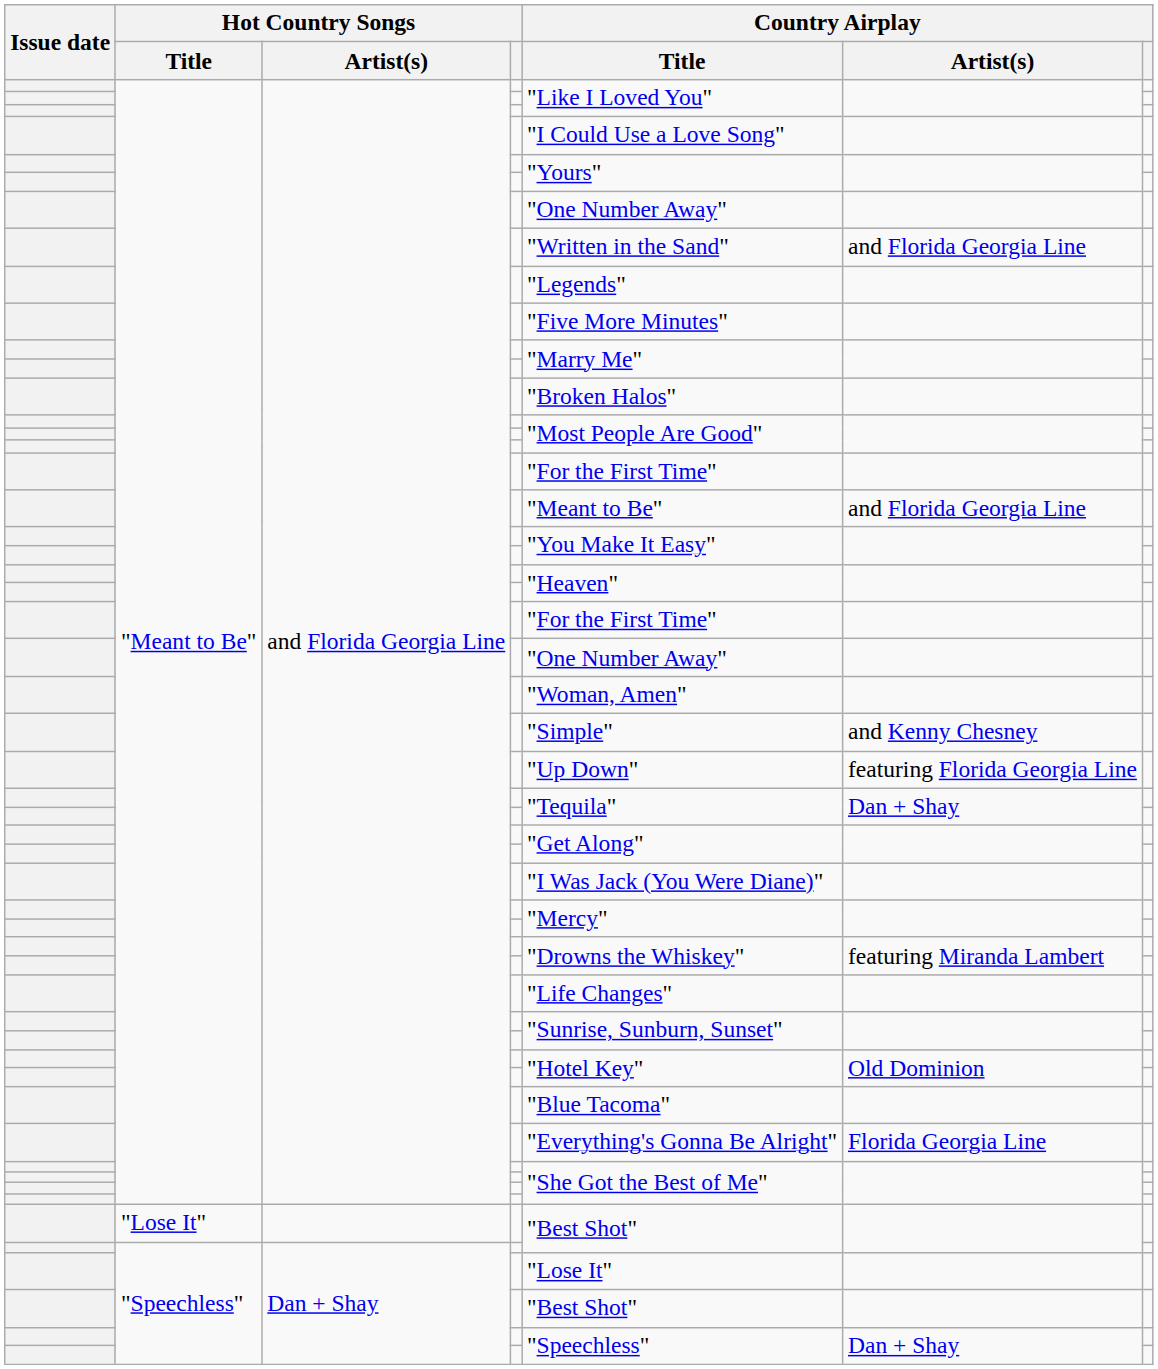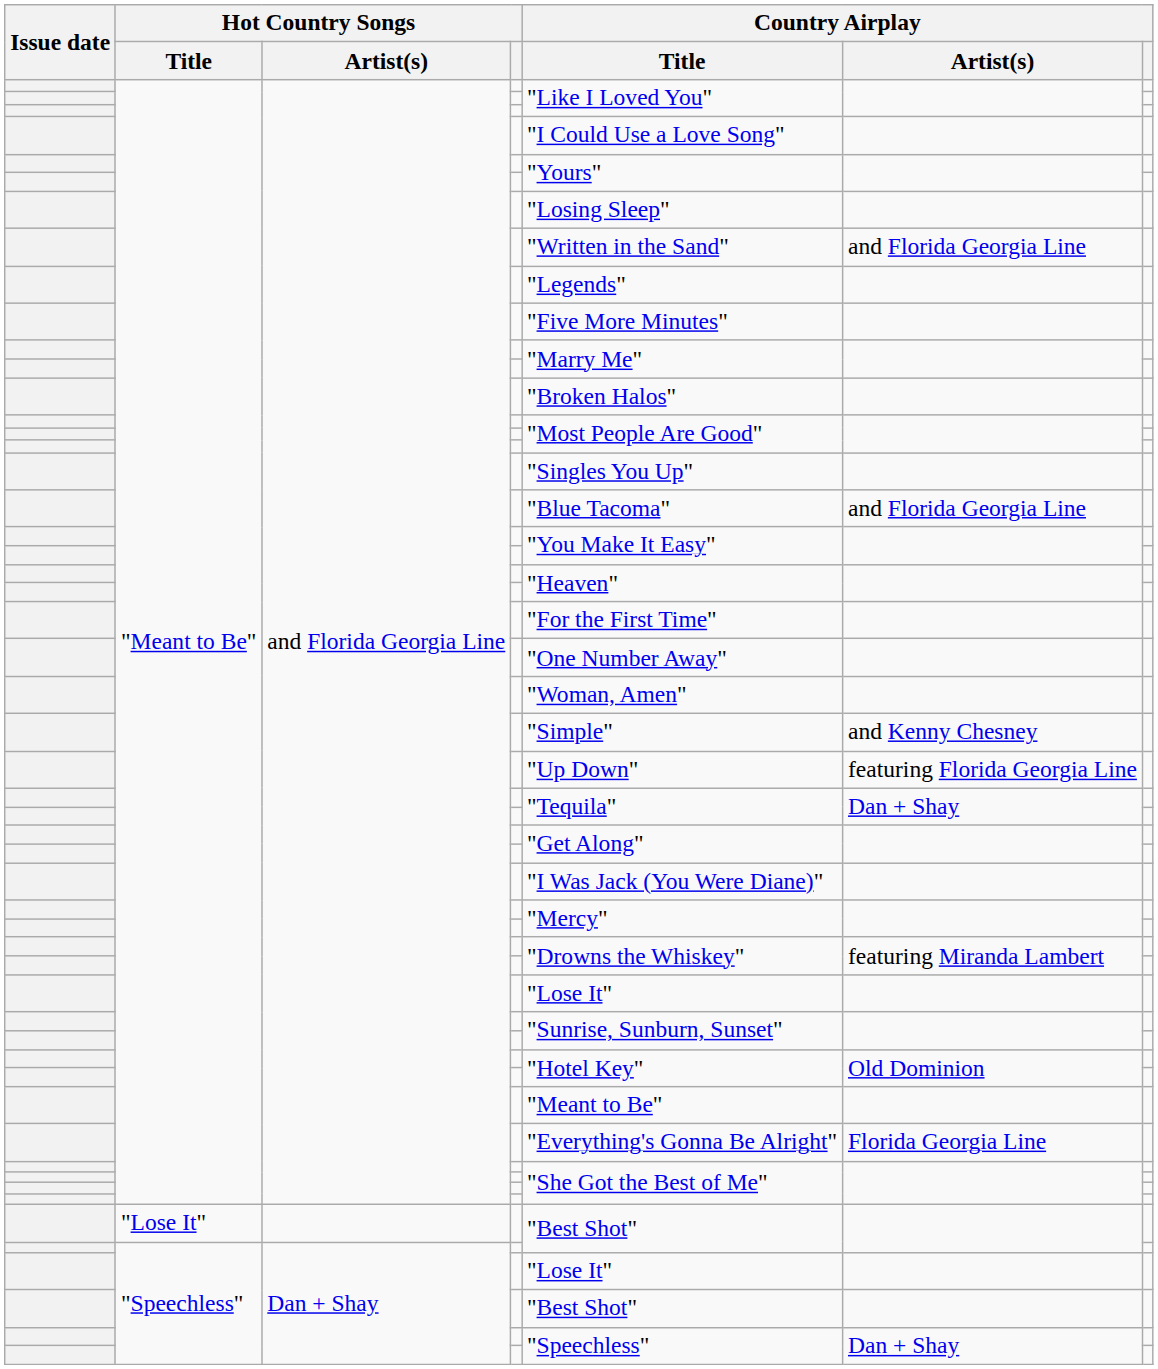 <table class="wikitable sortable plainrowheaders">
 <tr>
 <th scope=col rowspan=2>Issue date</th>
 <th scope=col colspan=3>Hot Country Songs</th>
 <th scope=col colspan=3>Country Airplay</th>
 </tr>
 <tr>
 <th scope=col>Title</th>
 <th scope=col>Artist(s)</th>
 <th scope=col class=unsortable></th>
 <th scope=col>Title</th>
 <th scope=col>Artist(s)</th>
 <th scope=col class=unsortable></th>
 </tr>
 <tr>
 <th scope="row"></th>
 <td rowspan="47">"<a href='#'>Meant to Be</a>"</td>
 <td rowspan="47"> and <a href='#'>Florida Georgia Line</a></td>
 <td align=center></td>
 <td rowspan="3">"<a href='#'>Like I Loved You</a>"</td>
 <td rowspan="3"></td>
 <td align=center></td>
 </tr>
 <tr>
 <th scope="row"></th>
 <td align=center></td>
 <td align=center></td>
 </tr>
 <tr>
 <th scope="row"></th>
 <td align=center></td>
 <td align=center></td>
 </tr>
 <tr>
 <th scope="row"></th>
 <td align=center></td>
 <td>"<a href='#'>I Could Use a Love Song</a>"</td>
 <td></td>
 <td align=center></td>
 </tr>
 <tr>
 <th scope="row"></th>
 <td align=center></td>
 <td rowspan="2">"<a href='#'>Yours</a>"</td>
 <td rowspan="2"></td>
 <td align=center></td>
 </tr>
 <tr>
 <th scope="row"></th>
 <td align=center></td>
 <td align=center></td>
 </tr>
 <tr>
 <th scope="row"></th>
 <td align=center></td>
-<td>"<a href='#'>One Number Away</a>"</td>
+<td>"<a href='#'>Losing Sleep</a>"</td>
 <td></td>
 <td align=center></td>
 </tr>
 <tr>
 <th scope="row"></th>
 <td align=center></td>
 <td>"<a href='#'>Written in the Sand</a>"</td>
 <td> and <a href='#'>Florida Georgia Line</a></td>
 <td align=center></td>
 </tr>
 <tr>
 <th scope="row"></th>
 <td align=center></td>
 <td>"<a href='#'>Legends</a>"</td>
 <td></td>
 <td align=center></td>
 </tr>
 <tr>
 <th scope="row"></th>
 <td align=center></td>
 <td>"<a href='#'>Five More Minutes</a>"</td>
 <td></td>
 <td align=center></td>
 </tr>
 <tr>
 <th scope="row"></th>
 <td align=center></td>
 <td rowspan="2">"<a href='#'>Marry Me</a>"</td>
 <td rowspan="2"></td>
 <td align=center></td>
 </tr>
 <tr>
 <th scope="row"></th>
 <td align=center></td>
 <td align=center></td>
 </tr>
 <tr>
 <th scope="row"></th>
 <td align=center></td>
 <td>"<a href='#'>Broken Halos</a>"</td>
 <td></td>
 <td align=center></td>
 </tr>
 <tr>
 <th scope="row"></th>
 <td align=center></td>
 <td rowspan="3">"<a href='#'>Most People Are Good</a>"</td>
 <td rowspan="3"></td>
 <td align=center></td>
 </tr>
 <tr>
 <th scope="row"></th>
 <td align=center></td>
 <td align=center></td>
 </tr>
 <tr>
 <th scope="row"></th>
 <td align=center></td>
 <td align=center></td>
 </tr>
 <tr>
 <th scope="row"></th>
 <td align=center></td>
-<td>"<a href='#'>For the First Time</a>"</td>
+<td>"<a href='#'>Singles You Up</a>"</td>
 <td></td>
 <td align=center></td>
 </tr>
 <tr>
 <th scope="row"></th>
 <td align=center></td>
-<td>"<a href='#'>Meant to Be</a>"</td>
+<td>"<a href='#'>Blue Tacoma</a>"</td>
 <td> and <a href='#'>Florida Georgia Line</a></td>
 <td align=center></td>
 </tr>
 <tr>
 <th scope="row"></th>
 <td align=center></td>
 <td rowspan="2">"<a href='#'>You Make It Easy</a>"</td>
 <td rowspan="2"></td>
 <td align=center></td>
 </tr>
 <tr>
 <th scope="row"></th>
 <td align=center></td>
 <td align=center></td>
 </tr>
 <tr>
 <th scope="row"></th>
 <td align=center></td>
 <td rowspan="2">"<a href='#'>Heaven</a>"</td>
 <td rowspan="2"></td>
 <td align=center></td>
 </tr>
 <tr>
 <th scope="row"></th>
 <td align=center></td>
 <td align=center></td>
 </tr>
 <tr>
 <th scope="row"></th>
 <td align=center></td>
 <td>"<a href='#'>For the First Time</a>"</td>
 <td></td>
 <td align=center></td>
 </tr>
 <tr>
 <th scope="row"></th>
 <td align=center></td>
 <td>"<a href='#'>One Number Away</a>"</td>
 <td></td>
 <td align=center></td>
 </tr>
 <tr>
 <th scope="row"></th>
 <td align=center></td>
 <td>"<a href='#'>Woman, Amen</a>"</td>
 <td></td>
 <td align=center></td>
 </tr>
 <tr>
 <th scope="row"></th>
 <td align=center></td>
 <td>"<a href='#'>Simple</a>"</td>
 <td> and <a href='#'>Kenny Chesney</a></td>
 <td align=center></td>
 </tr>
 <tr>
 <th scope="row"></th>
 <td align=center></td>
 <td>"<a href='#'>Up Down</a>"</td>
 <td> featuring <a href='#'>Florida Georgia Line</a></td>
 <td align=center></td>
 </tr>
 <tr>
 <th scope="row"></th>
 <td align=center></td>
 <td rowspan="2">"<a href='#'>Tequila</a>"</td>
 <td rowspan="2"><a href='#'>Dan + Shay</a></td>
 <td align=center></td>
 </tr>
 <tr>
 <th scope="row"></th>
 <td align=center></td>
 <td align=center></td>
 </tr>
 <tr>
 <th scope="row"></th>
 <td align=center></td>
 <td rowspan="2">"<a href='#'>Get Along</a>"</td>
 <td rowspan="2"></td>
 <td align=center></td>
 </tr>
 <tr>
 <th scope="row"></th>
 <td align=center></td>
 <td align=center></td>
 </tr>
 <tr>
 <th scope="row"></th>
 <td align=center></td>
 <td>"<a href='#'>I Was Jack (You Were Diane)</a>"</td>
 <td></td>
 <td align=center></td>
 </tr>
 <tr>
 <th scope="row"></th>
 <td align=center></td>
 <td rowspan="2">"<a href='#'>Mercy</a>"</td>
 <td rowspan="2"></td>
 <td align=center></td>
 </tr>
 <tr>
 <th scope="row"></th>
 <td align=center></td>
 <td align=center></td>
 </tr>
 <tr>
 <th scope="row"></th>
 <td align=center></td>
 <td rowspan="2">"<a href='#'>Drowns the Whiskey</a>"</td>
 <td rowspan="2"> featuring <a href='#'>Miranda Lambert</a></td>
 <td align=center></td>
 </tr>
 <tr>
 <th scope="row"></th>
 <td align=center></td>
 <td align=center></td>
 </tr>
 <tr>
 <th scope="row"></th>
 <td align=center></td>
-<td>"<a href='#'>Life Changes</a>"</td>
+<td>"<a href='#'>Lose It</a>"</td>
 <td></td>
 <td align=center></td>
 </tr>
 <tr>
 <th scope="row"></th>
 <td align=center></td>
 <td rowspan="2">"<a href='#'>Sunrise, Sunburn, Sunset</a>"</td>
 <td rowspan="2"></td>
 <td align=center></td>
 </tr>
 <tr>
 <th scope="row"></th>
 <td align=center></td>
 <td align=center></td>
 </tr>
 <tr>
 <th scope="row"></th>
 <td align=center></td>
 <td rowspan="2">"<a href='#'>Hotel Key</a>"</td>
 <td rowspan="2"><a href='#'>Old Dominion</a></td>
 <td align=center></td>
 </tr>
 <tr>
 <th scope="row"></th>
 <td align=center></td>
 <td align=center></td>
 </tr>
 <tr>
 <th scope="row"></th>
 <td align=center></td>
-<td>"<a href='#'>Blue Tacoma</a>"</td>
+<td>"<a href='#'>Meant to Be</a>"</td>
 <td></td>
 <td align=center></td>
 </tr>
 <tr>
 <th scope="row"></th>
 <td align=center></td>
 <td>"<a href='#'>Everything's Gonna Be Alright</a>"</td>
 <td><a href='#'>Florida Georgia Line</a></td>
 <td align=center></td>
 </tr>
 <tr>
 <th scope="row"></th>
 <td align=center></td>
 <td rowspan="4">"<a href='#'>She Got the Best of Me</a>"</td>
 <td rowspan="4"></td>
 <td align=center></td>
 </tr>
 <tr>
 <th scope="row"></th>
 <td align=center></td>
 <td align=center></td>
 </tr>
 <tr>
 <th scope="row"></th>
 <td align=center></td>
 <td align=center></td>
 </tr>
 <tr>
 <th scope="row"></th>
 <td align=center></td>
 <td align=center></td>
 </tr>
 <tr>
 <th scope="row"></th>
 <td>"<a href='#'>Lose It</a>"</td>
 <td></td>
 <td align=center></td>
 <td rowspan="2">"<a href='#'>Best Shot</a>"</td>
 <td rowspan="2"></td>
 <td align=center></td>
 </tr>
 <tr>
 <th scope="row"></th>
 <td rowspan="5">"<a href='#'>Speechless</a>"</td>
 <td rowspan="5"><a href='#'>Dan + Shay</a></td>
 <td align=center></td>
 <td align=center></td>
 </tr>
 <tr>
 <th scope="row"></th>
 <td align=center></td>
 <td>"<a href='#'>Lose It</a>"</td>
 <td></td>
 <td align=center></td>
 </tr>
 <tr>
 <th scope="row"></th>
 <td align=center></td>
 <td>"<a href='#'>Best Shot</a>"</td>
 <td></td>
 <td align=center></td>
 </tr>
 <tr>
 <th scope="row"></th>
 <td align=center></td>
 <td rowspan="2">"<a href='#'>Speechless</a>"</td>
 <td rowspan="2"><a href='#'>Dan + Shay</a></td>
 <td align=center></td>
 </tr>
 <tr>
 <th scope="row"></th>
 <td align=center></td>
 <td align=center></td>
 </tr>
 </table>
